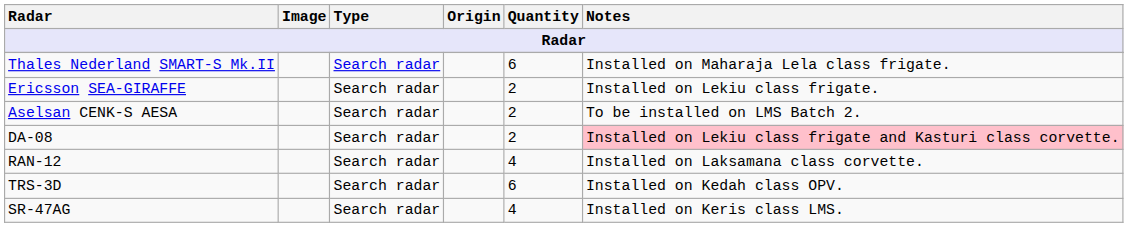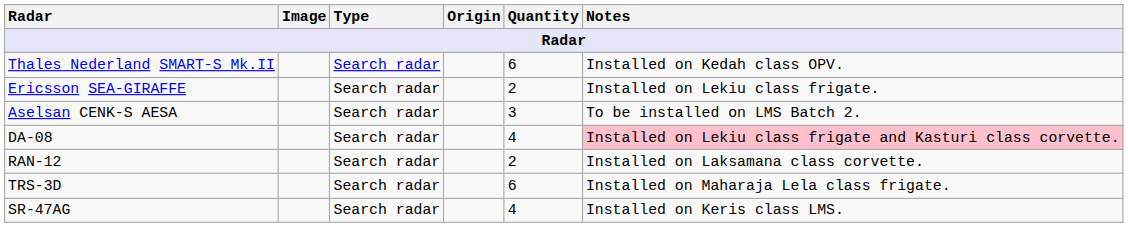 <table class="wikitable">
 <tr>
 <th style="text-align: left;">Radar</th>
 <th style="text-align: left;">Image</th>
 <th style="text-align: left;">Type</th>
 <th style="text-align: left;">Origin</th>
 <th style="text-align: left;">Quantity</th>
 <th style="text-align: left;">Notes</th>
 </tr>
 <tr>
 <th style="align: center; background: lavender;" colspan="7">Radar</th>
 </tr>
 <tr --->
 </tr>
 <tr>
 <td><a href='#'>Thales Nederland</a> <a href='#'>SMART-S Mk.II</a></td>
 <td></td>
 <td><a href='#'>Search radar</a></td>
 <td></td>
 <td>6</td>
-<td>Installed on Maharaja Lela class frigate.</td>
+<td>Installed on Kedah class OPV.</td>
 </tr>
 <tr>
 <td><a href='#'>Ericsson</a> <a href='#'>SEA-GIRAFFE</a></td>
 <td></td>
 <td>Search radar</td>
 <td></td>
 <td>2</td>
 <td>Installed on Lekiu class frigate.</td>
 </tr>
 <tr>
 <td><a href='#'>Aselsan</a> CENK-S AESA</td>
 <td></td>
 <td>Search radar</td>
 <td></td>
-<td>2</td>
+<td>3</td>
 <td>To be installed on LMS Batch 2.</td>
 </tr>
 <tr>
 <td>DA-08</td>
 <td></td>
 <td>Search radar</td>
 <td></td>
-<td>2</td>
+<td>4</td>
 <td style="background: pink;">Installed on Lekiu class frigate and Kasturi class corvette.</td>
 </tr>
 <tr>
 <td>RAN-12</td>
 <td></td>
 <td>Search radar</td>
 <td></td>
-<td>4</td>
+<td>2</td>
 <td>Installed on Laksamana class corvette.</td>
 </tr>
 <tr>
 <td>TRS-3D</td>
 <td></td>
 <td>Search radar</td>
 <td></td>
 <td>6</td>
-<td>Installed on Kedah class OPV.</td>
+<td>Installed on Maharaja Lela class frigate.</td>
 </tr>
 <tr>
 <td>SR-47AG</td>
 <td></td>
 <td>Search radar</td>
 <td></td>
 <td>4</td>
 <td>Installed on Keris class LMS.</td>
 </tr>
 </table>
